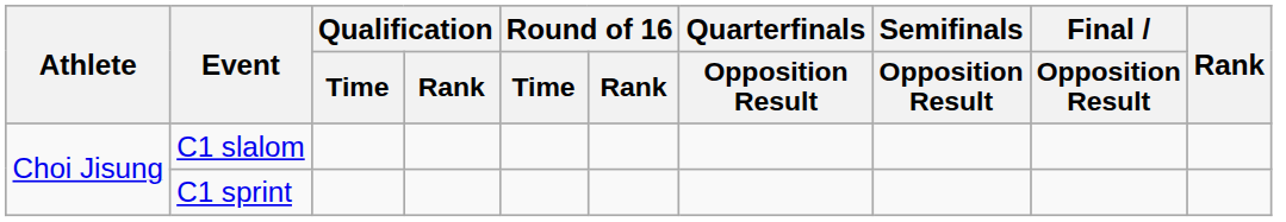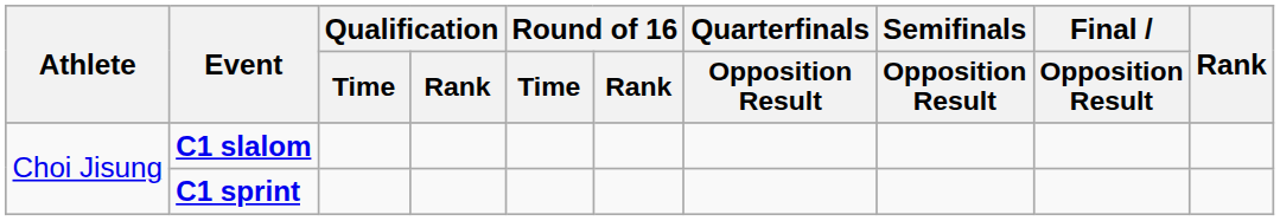 <table class="wikitable" style="font-size:90%;">
 <tr>
 <th rowspan=2>Athlete</th>
 <th rowspan=2>Event</th>
 <th colspan=2>Qualification</th>
 <th colspan=2>Round of 16</th>
 <th>Quarterfinals</th>
 <th>Semifinals</th>
 <th>Final / </th>
 <th rowspan=2>Rank</th>
 </tr>
 <tr style="font-size:95%">
 <th>Time</th>
 <th>Rank</th>
 <th>Time</th>
 <th>Rank</th>
 <th>Opposition <br>Result</th>
 <th>Opposition <br>Result</th>
 <th>Opposition <br>Result</th>
 </tr>
 <tr align=center>
 <td rowspan=2 align=left><a href='#'>Choi Jisung</a></td>
-<td align=left><a href='#'>C1 slalom</a></td>
+<td align=left><strong><a href='#'>C1 slalom</a></strong></td>
 <td></td>
 <td></td>
 <td></td>
 <td></td>
 <td></td>
 <td></td>
 <td></td>
 <td></td>
 </tr>
 <tr>
-<td align=left><a href='#'>C1 sprint</a></td>
+<td align=left><strong><a href='#'>C1 sprint</a></strong></td>
 <td></td>
 <td></td>
 <td></td>
 <td></td>
 <td></td>
 <td></td>
 <td></td>
 <td></td>
 </tr>
 </table>
